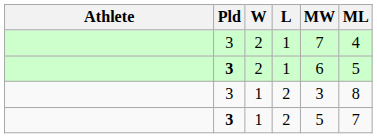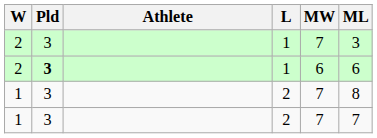 <table class="wikitable" style="text-align:center">
 <tr>
+<th width=20>W</th>
+<th width=20>Pld</th>
 <th width=200>Athlete</th>
-<th width=20>Pld</th>
-<th width=20>W</th>
 <th width=20>L</th>
 <th width=20>MW</th>
 <th width=20>ML</th>
 </tr>
 <tr bgcolor="ccffcc">
+<td>2</td>
+<td>3</td>
 <td style="text-align:left"></td>
-<td>3</td>
-<td>2</td>
 <td>1</td>
 <td>7</td>
-<td>4</td>
+<td>3</td>
 </tr>
 <tr bgcolor="ccffcc">
+<td>2</td>
+<td><strong>3</strong></td>
 <td style="text-align:left"></td>
-<td><strong>3</strong></td>
-<td>2</td>
 <td>1</td>
 <td>6</td>
-<td>5</td>
+<td>6</td>
 </tr>
 <tr>
+<td>1</td>
+<td>3</td>
 <td style="text-align:left"></td>
-<td>3</td>
-<td>1</td>
 <td>2</td>
-<td>3</td>
+<td>7</td>
 <td>8</td>
 </tr>
 <tr>
+<td>1</td>
+<td>3</td>
 <td style="text-align:left"></td>
-<td><strong>3</strong></td>
-<td>1</td>
 <td>2</td>
-<td>5</td>
+<td>7</td>
 <td>7</td>
 </tr>
 </table>
